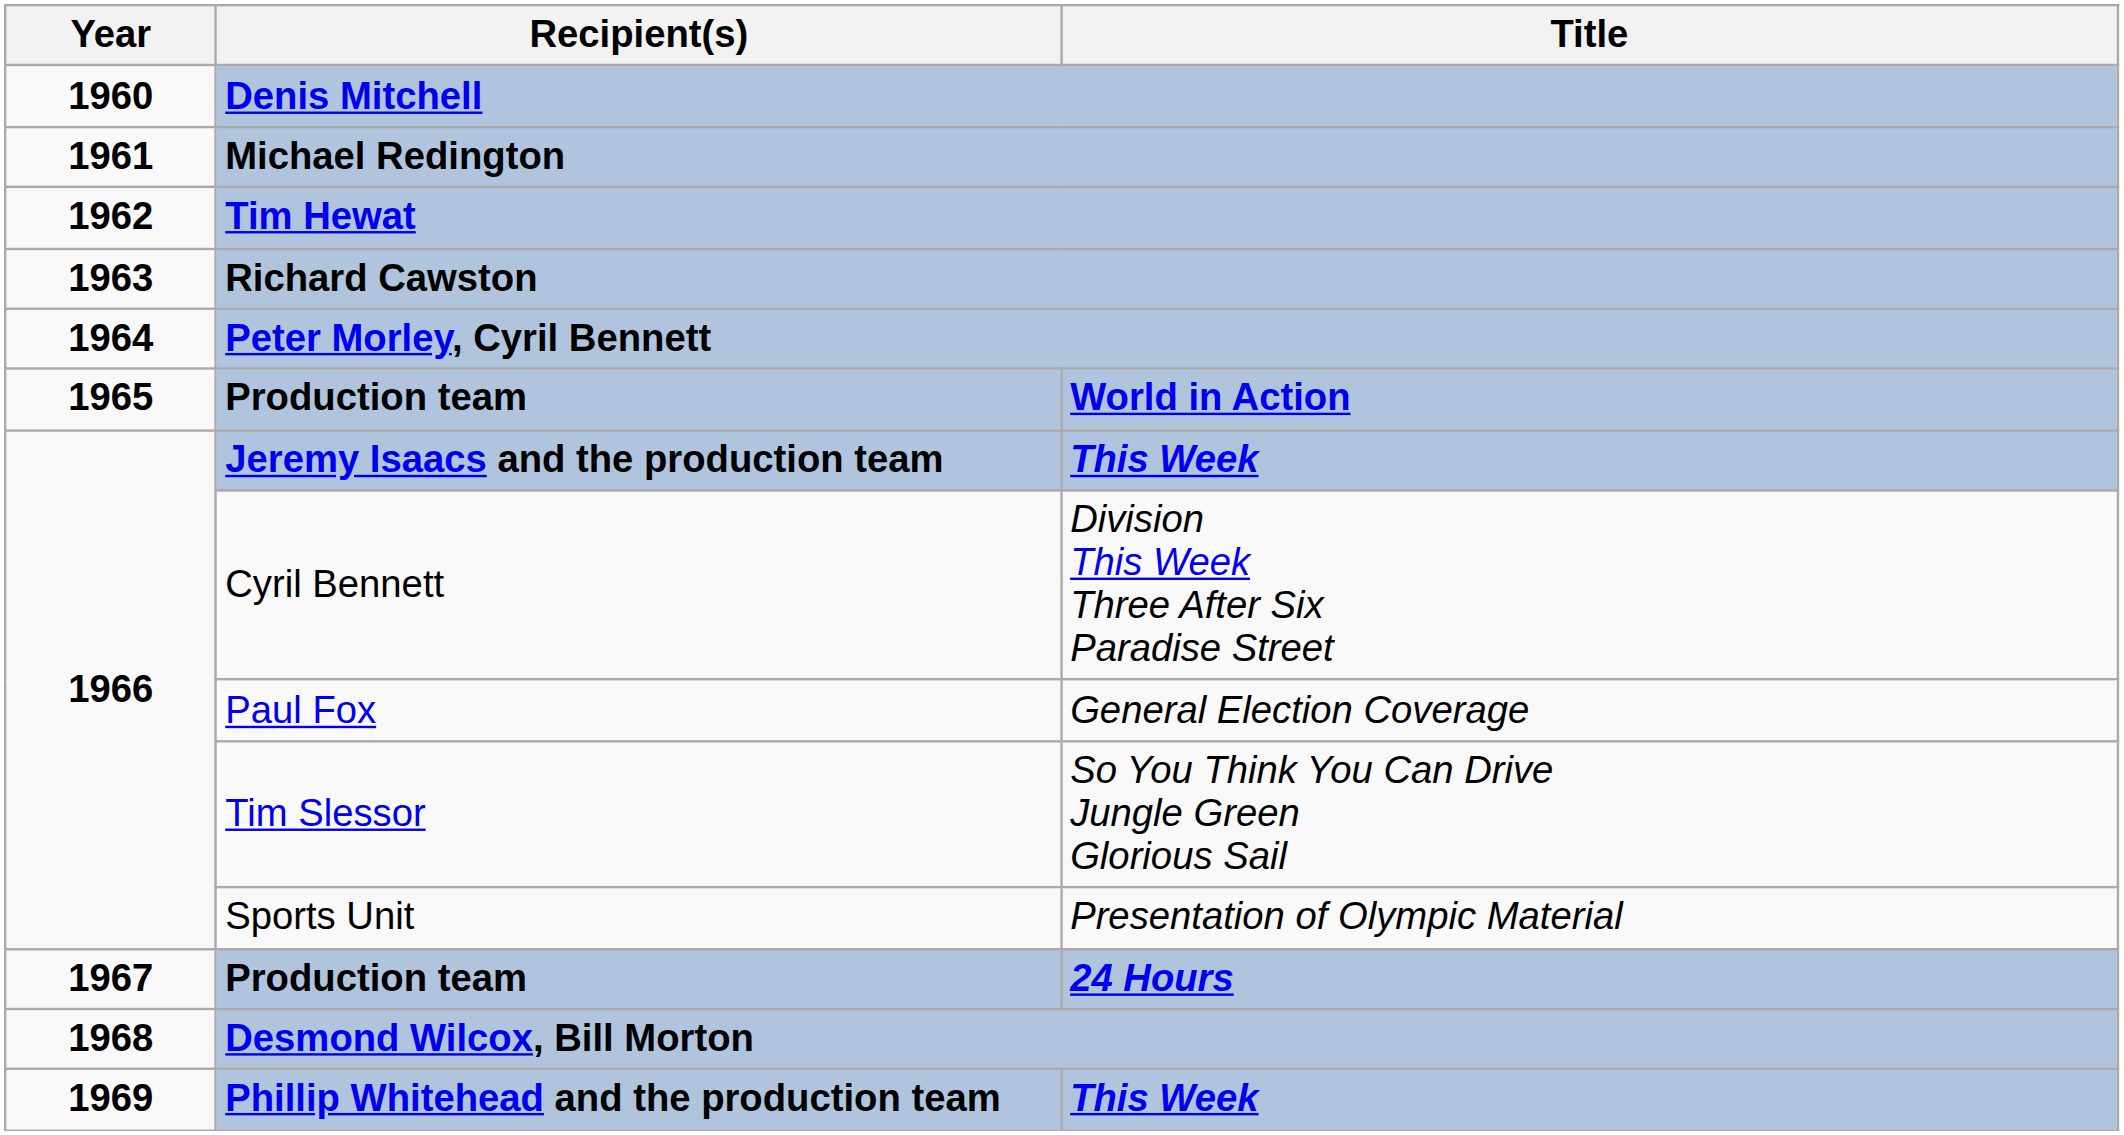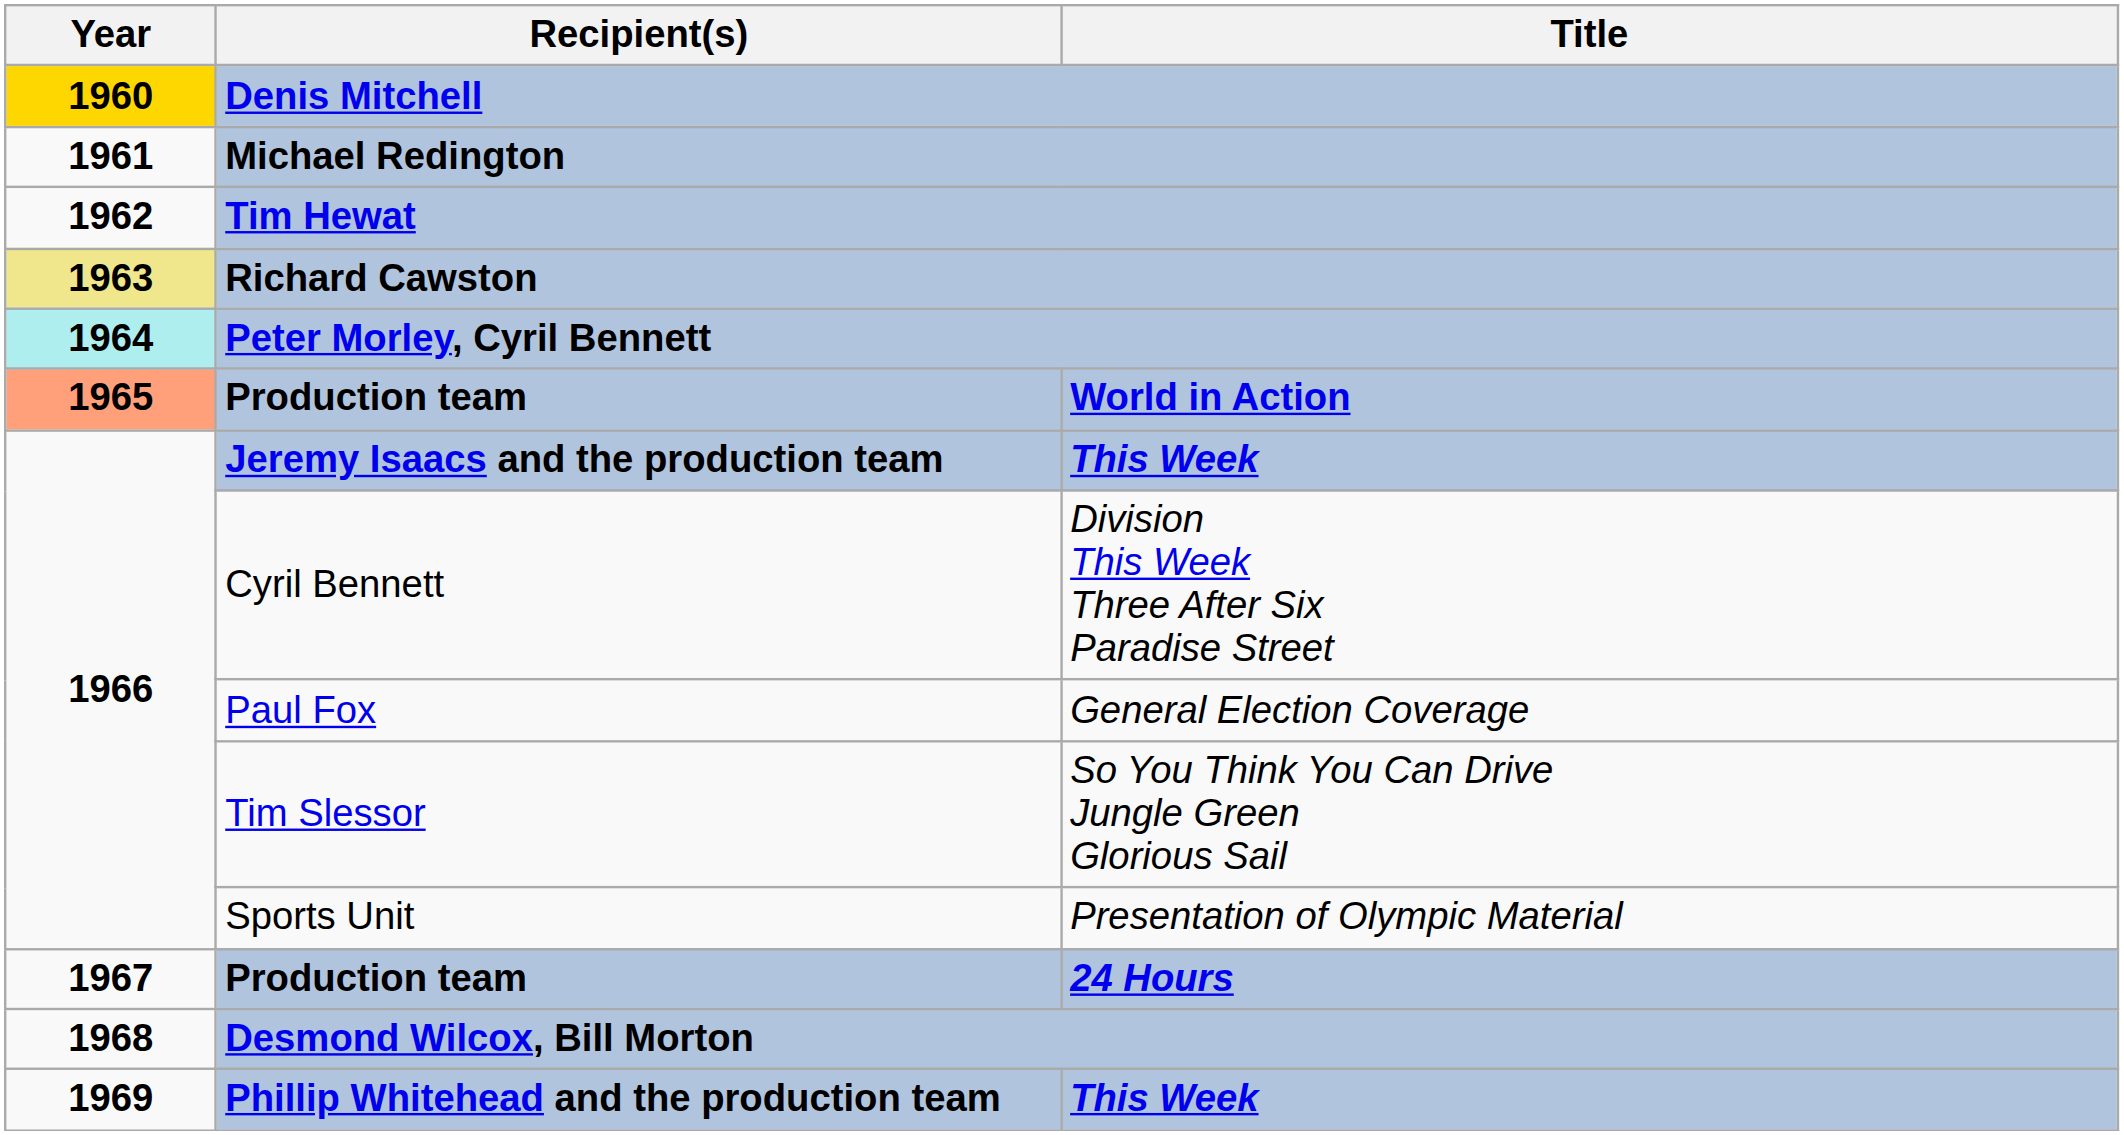 <table class="wikitable" width="70%">
 <tr>
 <th width=5%>Year</th>
 <th width=20%><strong>Recipient(s)</strong></th>
 <th width=25%><strong>Title</strong></th>
 </tr>
 <tr>
-<td style="text-align:center;"><strong>1960</strong></td>
+<td style="background: gold; text-align:center;"><strong>1960</strong></td>
 <td colspan="2" style="background:#B0C4DE;"><strong><a href='#'>Denis Mitchell</a></strong></td>
 </tr>
 <tr>
 <td style="text-align:center;"><strong>1961</strong></td>
 <td colspan="2" style="background:#B0C4DE;"><strong>Michael Redington</strong></td>
 </tr>
 <tr>
 <td style="text-align:center;"><strong>1962</strong></td>
 <td colspan="2" style="background:#B0C4DE;"><strong><a href='#'>Tim Hewat</a></strong></td>
 </tr>
 <tr>
-<td style="text-align:center;"><strong>1963</strong></td>
+<td style="background: khaki; text-align:center;"><strong>1963</strong></td>
 <td colspan="2" style="background:#B0C4DE;"><strong>Richard Cawston</strong></td>
 </tr>
 <tr>
-<td style="text-align:center;"><strong>1964</strong></td>
+<td style="background: paleturquoise; text-align:center;"><strong>1964</strong></td>
 <td colspan="2" style="background:#B0C4DE;"><strong><a href='#'>Peter Morley</a>, Cyril Bennett</strong></td>
 </tr>
 <tr>
-<td style="text-align:center;"><strong>1965</strong></td>
+<td style="background: lightsalmon; text-align:center;"><strong>1965</strong></td>
 <td style="background:#B0C4DE;"><strong>Production team</strong></td>
 <td style="background:#B0C4DE;"><strong><a href='#'>World in Action</a></strong></td>
 </tr>
 <tr>
 <td rowspan="5"style="text-align:center;"><strong>1966</strong></td>
 <td style="background:#B0C4DE;"><strong><a href='#'>Jeremy Isaacs</a> and the production team</strong></td>
 <td style="background:#B0C4DE;"><strong><em><a href='#'>This Week</a></em></strong></td>
 </tr>
 <tr>
 <td>Cyril Bennett</td>
 <td><em>Division<br><a href='#'>This Week</a><br>Three After Six<br>Paradise Street</em></td>
 </tr>
 <tr>
 <td><a href='#'>Paul Fox</a></td>
 <td><em>General Election Coverage</em></td>
 </tr>
 <tr>
 <td><a href='#'>Tim Slessor</a></td>
 <td><em>So You Think You Can Drive<br>Jungle Green<br>Glorious Sail</em></td>
 </tr>
 <tr>
 <td>Sports Unit</td>
 <td><em>Presentation of Olympic Material</em></td>
 </tr>
 <tr>
 <td style="text-align:center;"><strong>1967</strong></td>
 <td style="background:#B0C4DE;"><strong>Production team</strong></td>
 <td style="background:#B0C4DE;"><strong><em><a href='#'>24 Hours</a></em></strong></td>
 </tr>
 <tr>
 <td style="text-align:center;"><strong>1968</strong></td>
 <td colspan="2" style="background:#B0C4DE;"><strong><a href='#'>Desmond Wilcox</a>, Bill Morton</strong></td>
 </tr>
 <tr>
 <td style="text-align:center;"><strong>1969</strong></td>
 <td style="background:#B0C4DE;"><strong><a href='#'>Phillip Whitehead</a> and the production team</strong></td>
 <td style="background:#B0C4DE;"><strong><em><a href='#'>This Week</a></em></strong></td>
 </tr>
 <tr>
 </tr>
 </table>
